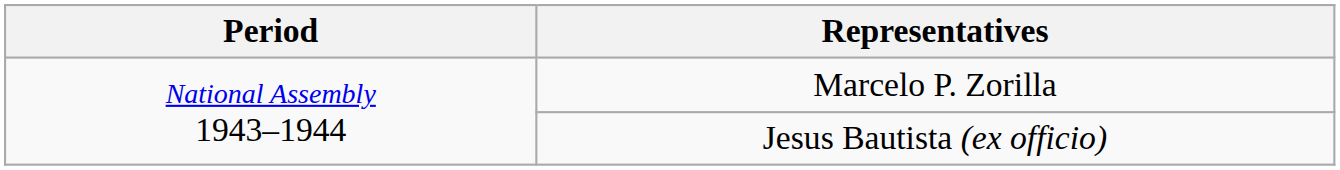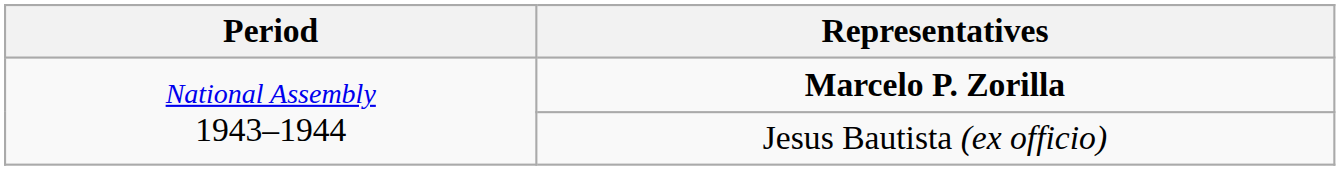 <table class="wikitable" style="text-align:center; width:40%;">
 <tr>
 <th width="40%">Period</th>
 <th>Representatives</th>
 </tr>
 <tr>
 <td rowspan="2"><small><a href='#'><em>National Assembly</em></a></small><br>1943–1944</td>
-<td>Marcelo P. Zorilla</td>
+<td><strong>Marcelo P. Zorilla</strong></td>
 </tr>
 <tr>
 <td>Jesus Bautista <em>(ex officio)</em></td>
 </tr>
 </table>
